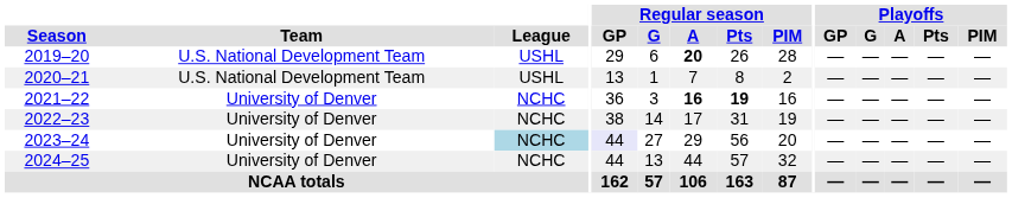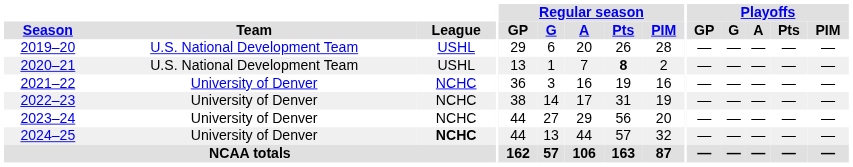 <table border="0" cellpadding="1" cellspacing="0" style="text-align:center; width:60em">
 <tr bgcolor="#e0e0e0">
 <th colspan="3" bgcolor="#ffffff"></th>
 <th rowspan="100" bgcolor="#ffffff"></th>
 <th colspan="5"><a href='#'>Regular season</a></th>
 <th rowspan="100" bgcolor="#ffffff"></th>
 <th colspan="5"><a href='#'>Playoffs</a></th>
 </tr>
 <tr bgcolor="#e0e0e0">
 <th><a href='#'>Season</a></th>
 <th>Team</th>
 <th>League</th>
 <th>GP</th>
 <th><a href='#'>G</a></th>
 <th><a href='#'>A</a></th>
 <th><a href='#'>Pts</a></th>
 <th><a href='#'>PIM</a></th>
 <th>GP</th>
 <th>G</th>
 <th>A</th>
 <th>Pts</th>
 <th>PIM</th>
 </tr>
 <tr>
 <td><a href='#'>2019–20</a></td>
 <td><a href='#'>U.S. National Development Team</a></td>
 <td><a href='#'>USHL</a></td>
 <td>29</td>
 <td>6</td>
-<td><strong>20</strong></td>
+<td>20</td>
 <td>26</td>
 <td>28</td>
 <td>—</td>
 <td>—</td>
 <td>—</td>
 <td>—</td>
 <td>—</td>
 </tr>
 <tr bgcolor="#f0f0f0">
 <td><a href='#'>2020–21</a></td>
 <td>U.S. National Development Team</td>
 <td>USHL</td>
 <td>13</td>
 <td>1</td>
 <td>7</td>
-<td>8</td>
+<td><strong>8</strong></td>
 <td>2</td>
 <td>—</td>
 <td>—</td>
 <td>—</td>
 <td>—</td>
 <td>—</td>
 </tr>
 <tr>
 <td><a href='#'>2021–22</a></td>
 <td><a href='#'>University of Denver</a></td>
 <td><a href='#'>NCHC</a></td>
 <td>36</td>
 <td>3</td>
-<td><strong>16</strong></td>
-<td><strong>19</strong></td>
+<td>16</td>
+<td>19</td>
 <td>16</td>
 <td>—</td>
 <td>—</td>
 <td>—</td>
 <td>—</td>
 <td>—</td>
 </tr>
 <tr bgcolor="#f0f0f0">
 <td><a href='#'>2022–23</a></td>
 <td>University of Denver</td>
 <td>NCHC</td>
 <td>38</td>
 <td>14</td>
 <td>17</td>
 <td>31</td>
 <td>19</td>
 <td>—</td>
 <td>—</td>
 <td>—</td>
 <td>—</td>
 <td>—</td>
 </tr>
 <tr>
 <td><a href='#'>2023–24</a></td>
 <td>University of Denver</td>
-<td style="background: lightblue;">NCHC</td>
-<td style="background: lavender;">44</td>
+<td>NCHC</td>
+<td>44</td>
 <td>27</td>
 <td>29</td>
 <td>56</td>
 <td>20</td>
 <td>—</td>
 <td>—</td>
 <td>—</td>
 <td>—</td>
 <td>—</td>
 </tr>
 <tr bgcolor="#f0f0f0">
 <td><a href='#'>2024–25</a></td>
 <td>University of Denver</td>
-<td>NCHC</td>
+<td><strong>NCHC</strong></td>
 <td>44</td>
 <td>13</td>
 <td>44</td>
 <td>57</td>
 <td>32</td>
 <td>—</td>
 <td>—</td>
 <td>—</td>
 <td>—</td>
 <td>—</td>
 </tr>
 <tr bgcolor="#e0e0e0">
 <th colspan="3">NCAA totals</th>
 <th>162</th>
 <th>57</th>
 <th>106</th>
 <th>163</th>
 <th>87</th>
 <th>—</th>
 <th>—</th>
 <th>—</th>
 <th>—</th>
 <th>—</th>
 </tr>
 </table>
